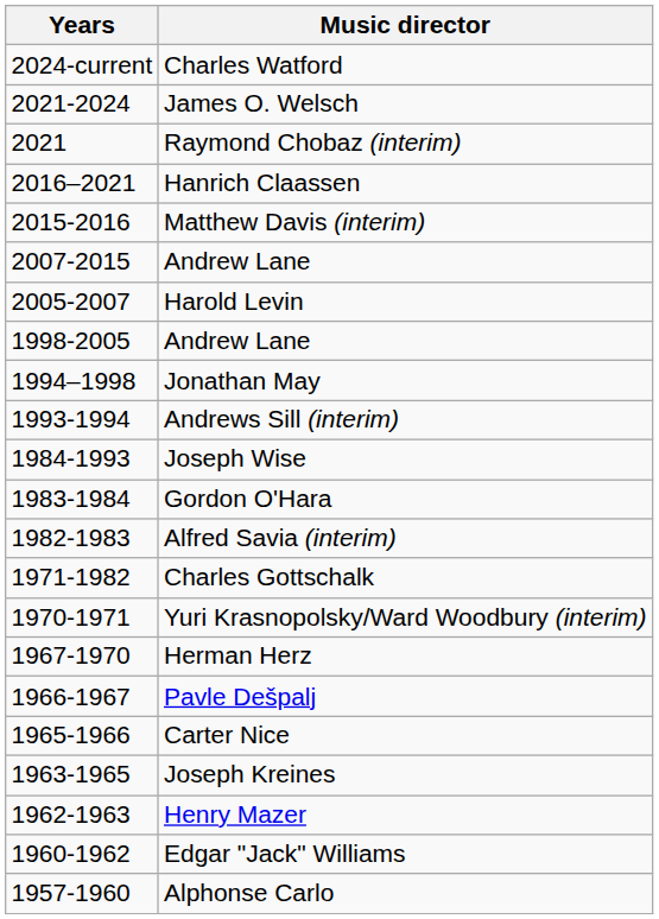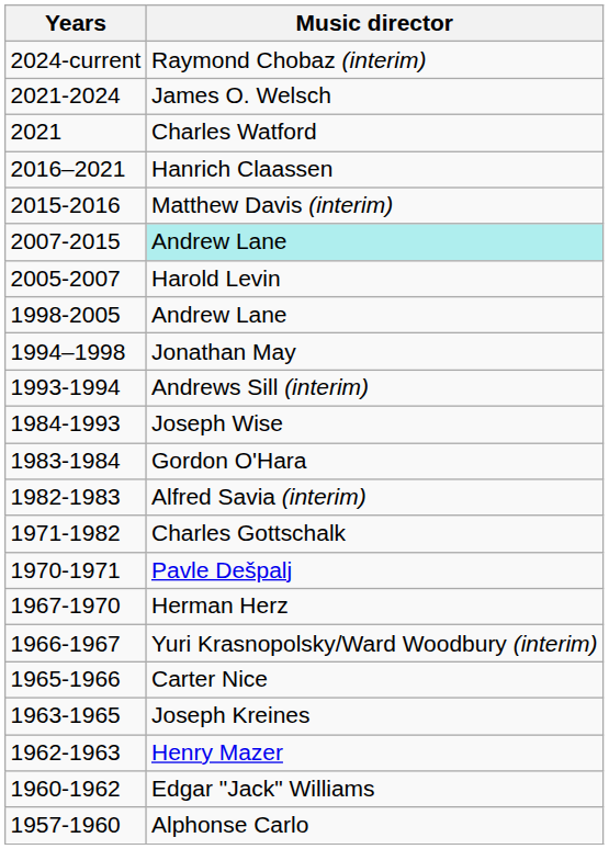 <table class="wikitable">
 <tr>
 <th>Years</th>
 <th>Music director</th>
 </tr>
 <tr>
 <td>2024-current</td>
-<td>Charles Watford</td>
+<td>Raymond Chobaz <em>(interim)</em></td>
 </tr>
 <tr>
 <td>2021-2024</td>
 <td>James O. Welsch</td>
 </tr>
 <tr>
 <td>2021</td>
-<td>Raymond Chobaz <em>(interim)</em></td>
+<td>Charles Watford</td>
 </tr>
 <tr>
 <td>2016–2021</td>
 <td>Hanrich Claassen</td>
 </tr>
 <tr>
 <td>2015-2016</td>
 <td>Matthew Davis <em>(interim)</em></td>
 </tr>
 <tr>
 <td>2007-2015</td>
-<td>Andrew Lane</td>
+<td style="background: paleturquoise;">Andrew Lane</td>
 </tr>
 <tr>
 <td>2005-2007</td>
 <td>Harold Levin</td>
 </tr>
 <tr>
 <td>1998-2005</td>
 <td>Andrew Lane</td>
 </tr>
 <tr>
 <td>1994–1998</td>
 <td>Jonathan May</td>
 </tr>
 <tr>
 <td>1993-1994</td>
 <td>Andrews Sill <em>(interim)</em></td>
 </tr>
 <tr>
 <td>1984-1993</td>
 <td>Joseph Wise</td>
 </tr>
 <tr>
 <td>1983-1984</td>
 <td>Gordon O'Hara</td>
 </tr>
 <tr>
 <td>1982-1983</td>
 <td>Alfred Savia <em>(interim)</em></td>
 </tr>
 <tr>
 <td>1971-1982</td>
 <td>Charles Gottschalk</td>
 </tr>
 <tr>
 <td>1970-1971</td>
-<td>Yuri Krasnopolsky/Ward Woodbury <em>(interim)</em></td>
+<td><a href='#'>Pavle Dešpalj</a></td>
 </tr>
 <tr>
 <td>1967-1970</td>
 <td>Herman Herz</td>
 </tr>
 <tr>
 <td>1966-1967</td>
-<td><a href='#'>Pavle Dešpalj</a></td>
+<td>Yuri Krasnopolsky/Ward Woodbury <em>(interim)</em></td>
 </tr>
 <tr>
 <td>1965-1966</td>
 <td>Carter Nice</td>
 </tr>
 <tr>
 <td>1963-1965</td>
 <td>Joseph Kreines</td>
 </tr>
 <tr>
 <td>1962-1963</td>
 <td><a href='#'>Henry Mazer</a></td>
 </tr>
 <tr>
 <td>1960-1962</td>
 <td>Edgar "Jack" Williams</td>
 </tr>
 <tr>
 <td>1957-1960</td>
 <td>Alphonse Carlo</td>
 </tr>
 <tr>
 </tr>
 </table>
